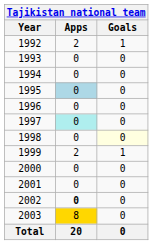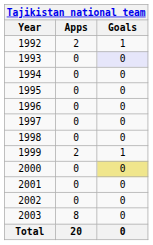 <table class="wikitable" style="text-align:center">
 <tr>
 <th colspan=3><a href='#'>Tajikistan national team</a></th>
 </tr>
 <tr>
 <th>Year</th>
 <th>Apps</th>
 <th>Goals</th>
 </tr>
 <tr>
 <td>1992</td>
 <td>2</td>
 <td>1</td>
 </tr>
 <tr>
 <td>1993</td>
 <td>0</td>
-<td>0</td>
+<td style="background: lavender;">0</td>
 </tr>
 <tr>
 <td>1994</td>
 <td>0</td>
 <td>0</td>
 </tr>
 <tr>
 <td>1995</td>
-<td style="background: lightblue;">0</td>
+<td>0</td>
 <td>0</td>
 </tr>
 <tr>
 <td>1996</td>
 <td>0</td>
 <td>0</td>
 </tr>
 <tr>
 <td>1997</td>
-<td style="background: paleturquoise;">0</td>
+<td>0</td>
 <td>0</td>
 </tr>
 <tr>
 <td>1998</td>
 <td>0</td>
-<td style="background: lightyellow;">0</td>
+<td>0</td>
 </tr>
 <tr>
 <td>1999</td>
 <td>2</td>
 <td>1</td>
 </tr>
 <tr>
 <td>2000</td>
 <td>0</td>
-<td>0</td>
+<td style="background: khaki;">0</td>
 </tr>
 <tr>
 <td>2001</td>
 <td>0</td>
 <td>0</td>
 </tr>
 <tr>
 <td>2002</td>
-<td><strong>0</strong></td>
+<td>0</td>
 <td>0</td>
 </tr>
 <tr>
 <td>2003</td>
-<td style="background: gold;">8</td>
+<td>8</td>
 <td>0</td>
 </tr>
 <tr>
 <th>Total</th>
 <th>20</th>
 <th>0</th>
 </tr>
 </table>
